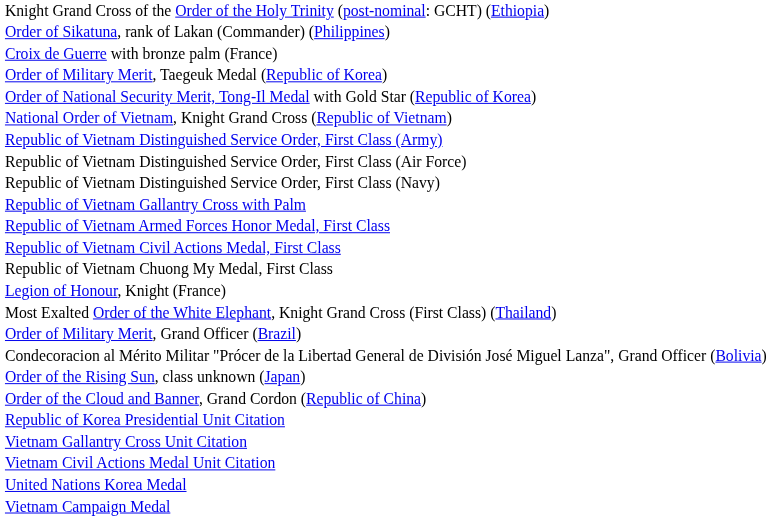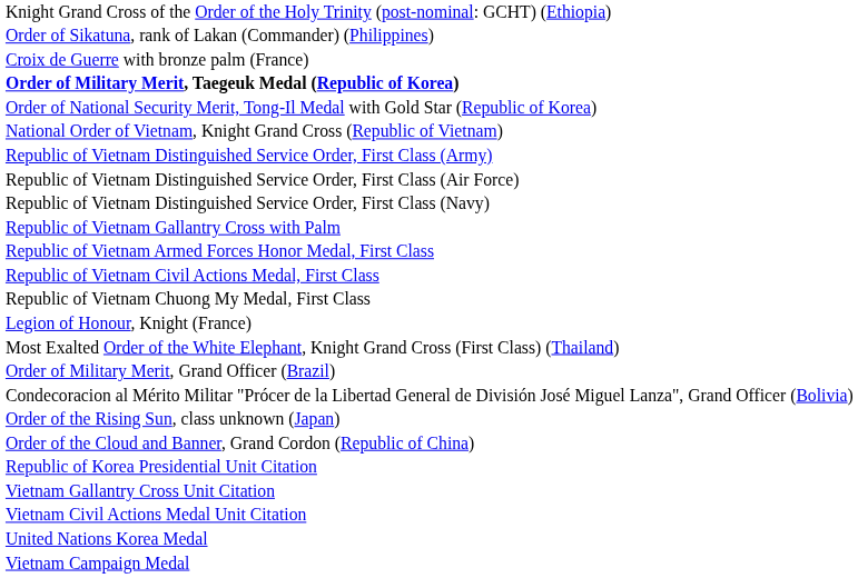 <table>
 <tr>
 <td> Knight Grand Cross of the <a href='#'>Order of the Holy Trinity</a> (<a href='#'>post-nominal</a>: GCHT) (<a href='#'>Ethiopia</a>)</td>
 </tr>
 <tr>
 <td> <a href='#'>Order of Sikatuna</a>, rank of Lakan (Commander) (<a href='#'>Philippines</a>)</td>
 </tr>
 <tr>
 <td> <a href='#'>Croix de Guerre</a> with bronze palm (France)</td>
 </tr>
 <tr>
-<td> <a href='#'>Order of Military Merit</a>, Taegeuk Medal (<a href='#'>Republic of Korea</a>)</td>
+<td><strong> <a href='#'>Order of Military Merit</a>, Taegeuk Medal (<a href='#'>Republic of Korea</a>)</strong></td>
 </tr>
 <tr>
 <td> <a href='#'>Order of National Security Merit, Tong-Il Medal</a> with Gold Star (<a href='#'>Republic of Korea</a>)</td>
 </tr>
 <tr>
 <td> <a href='#'>National Order of Vietnam</a>, Knight Grand Cross (<a href='#'>Republic of Vietnam</a>)</td>
 </tr>
 <tr>
 <td> <a href='#'>Republic of Vietnam Distinguished Service Order, First Class (Army)</a></td>
 </tr>
 <tr>
 <td> Republic of Vietnam Distinguished Service Order, First Class (Air Force)</td>
 </tr>
 <tr>
 <td> Republic of Vietnam Distinguished Service Order, First Class (Navy)</td>
 </tr>
 <tr>
 <td> <a href='#'>Republic of Vietnam Gallantry Cross with Palm</a></td>
 </tr>
 <tr>
 <td> <a href='#'>Republic of Vietnam Armed Forces Honor Medal, First Class</a></td>
 </tr>
 <tr>
 <td> <a href='#'>Republic of Vietnam Civil Actions Medal, First Class</a></td>
 </tr>
 <tr>
 <td> Republic of Vietnam Chuong My Medal, First Class</td>
 </tr>
 <tr>
 <td> <a href='#'>Legion of Honour</a>, Knight (France)</td>
 </tr>
 <tr>
 <td> Most Exalted <a href='#'>Order of the White Elephant</a>, Knight Grand Cross (First Class) (<a href='#'>Thailand</a>)</td>
 </tr>
 <tr>
 <td> <a href='#'>Order of Military Merit</a>, Grand Officer (<a href='#'>Brazil</a>)</td>
 </tr>
 <tr>
 <td><span></span><span></span><span></span> Condecoracion al Mérito Militar "Prócer de la Libertad General de División José Miguel Lanza", Grand Officer (<a href='#'>Bolivia</a>)</td>
 </tr>
 <tr>
 <td> <a href='#'>Order of the Rising Sun</a>, class unknown (<a href='#'>Japan</a>)</td>
 </tr>
 <tr>
 <td> <a href='#'>Order of the Cloud and Banner</a>, Grand Cordon (<a href='#'>Republic of China</a>)</td>
 </tr>
 <tr>
 <td> <a href='#'>Republic of Korea Presidential Unit Citation</a></td>
 </tr>
 <tr>
 <td> <a href='#'>Vietnam Gallantry Cross Unit Citation</a></td>
 </tr>
 <tr>
 <td> <a href='#'>Vietnam Civil Actions Medal Unit Citation</a></td>
 </tr>
 <tr>
 <td> <a href='#'>United Nations Korea Medal</a></td>
 </tr>
 <tr>
 <td> <a href='#'>Vietnam Campaign Medal</a></td>
 </tr>
 </table>
